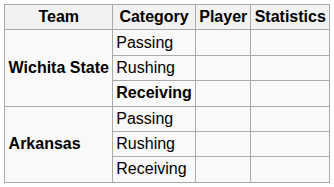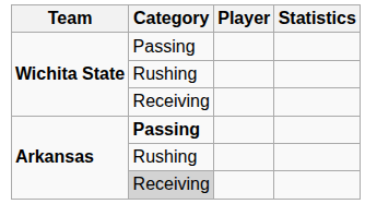 <table class="wikitable" style="float: right;">
 <tr>
 <th>Team</th>
 <th>Category</th>
 <th>Player</th>
 <th>Statistics</th>
 </tr>
 <tr>
 <td rowspan=3><strong>Wichita State</strong></td>
 <td>Passing</td>
 <td></td>
 <td></td>
 </tr>
 <tr>
 <td>Rushing</td>
 <td></td>
 <td></td>
 </tr>
 <tr>
-<td><strong>Receiving</strong></td>
+<td>Receiving</td>
 <td></td>
 <td></td>
 </tr>
 <tr>
 <td rowspan=3><strong>Arkansas</strong></td>
-<td>Passing</td>
+<td><strong>Passing</strong></td>
 <td></td>
 <td></td>
 </tr>
 <tr>
 <td>Rushing</td>
 <td></td>
 <td></td>
 </tr>
 <tr>
-<td>Receiving</td>
+<td style="background: lightgrey;">Receiving</td>
 <td></td>
 <td></td>
 </tr>
 </table>
